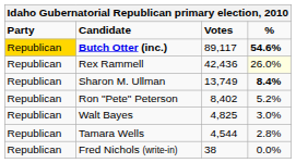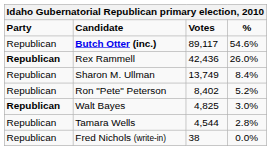 <table class="wikitable">
 <tr>
 <th colspan="4">Idaho Gubernatorial Republican primary election, 2010</th>
 </tr>
 <tr>
 <td><strong>Party</strong></td>
 <td><strong>Candidate</strong></td>
 <td><strong>Votes</strong></td>
 <td align=center><strong>%</strong></td>
 </tr>
 <tr>
-<td style="background: gold;">Republican</td>
+<td>Republican</td>
 <td><strong><a href='#'>Butch Otter</a> (inc.)</strong></td>
 <td>89,117</td>
-<td><strong>54.6%</strong></td>
+<td>54.6%</td>
 </tr>
 <tr>
-<td>Republican</td>
+<td><strong>Republican</strong></td>
 <td>Rex Rammell</td>
 <td>42,436</td>
-<td style="background: lightyellow;">26.0%</td>
+<td>26.0%</td>
 </tr>
 <tr>
 <td>Republican</td>
 <td>Sharon M. Ullman</td>
 <td>13,749</td>
-<td><strong>  8.4%</strong></td>
+<td>  8.4%</td>
 </tr>
 <tr>
 <td>Republican</td>
 <td>Ron "Pete" Peterson</td>
 <td>  8,402</td>
 <td>  5.2%</td>
 </tr>
 <tr>
-<td>Republican</td>
+<td><strong>Republican</strong></td>
 <td>Walt Bayes</td>
 <td>  4,825</td>
 <td>  3.0%</td>
 </tr>
 <tr>
 <td>Republican</td>
 <td>Tamara Wells</td>
 <td>  4,544</td>
 <td>  2.8%</td>
 </tr>
 <tr>
 <td>Republican</td>
 <td>Fred Nichols <small>(write-in)</small></td>
 <td>38</td>
 <td>  0.0%</td>
 </tr>
 </table>
